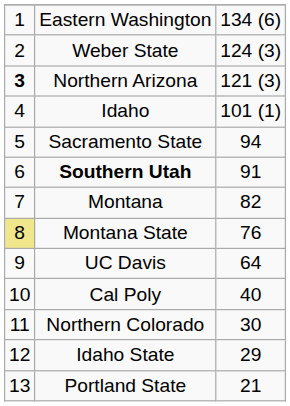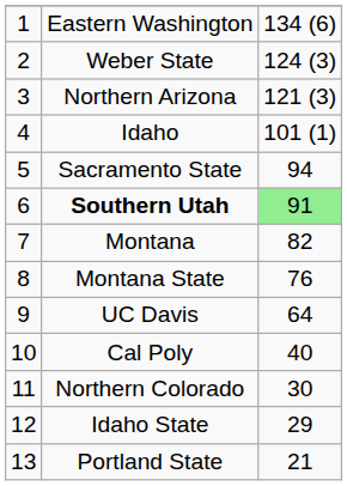 <table class="wikitable" style="display: inline-table;">
 <tr align="center">
 </tr>
 <tr align="center">
 <td>1</td>
 <td>Eastern Washington</td>
 <td>134 (6)</td>
 </tr>
 <tr align="center">
 <td>2</td>
 <td>Weber State</td>
 <td>124 (3)</td>
 </tr>
 <tr align="center">
-<td><strong>3</strong></td>
+<td>3</td>
 <td>Northern Arizona</td>
 <td>121 (3)</td>
 </tr>
 <tr align="center">
 <td>4</td>
 <td>Idaho</td>
 <td>101 (1)</td>
 </tr>
 <tr align="center">
 <td>5</td>
 <td>Sacramento State</td>
 <td>94</td>
 </tr>
 <tr align="center">
 <td>6</td>
 <td><strong>Southern Utah</strong></td>
-<td>91</td>
+<td style="background: lightgreen;">91</td>
 </tr>
 <tr align="center">
 <td>7</td>
 <td>Montana</td>
 <td>82</td>
 </tr>
 <tr align="center">
-<td style="background: khaki;">8</td>
+<td>8</td>
 <td>Montana State</td>
 <td>76</td>
 </tr>
 <tr align="center">
 <td>9</td>
 <td>UC Davis</td>
 <td>64</td>
 </tr>
 <tr align="center">
 <td>10</td>
 <td>Cal Poly</td>
 <td>40</td>
 </tr>
 <tr align="center">
 <td>11</td>
 <td>Northern Colorado</td>
 <td>30</td>
 </tr>
 <tr align="center">
 <td>12</td>
 <td>Idaho State</td>
 <td>29</td>
 </tr>
 <tr align="center">
 <td>13</td>
 <td>Portland State</td>
 <td>21</td>
 </tr>
 </table>
